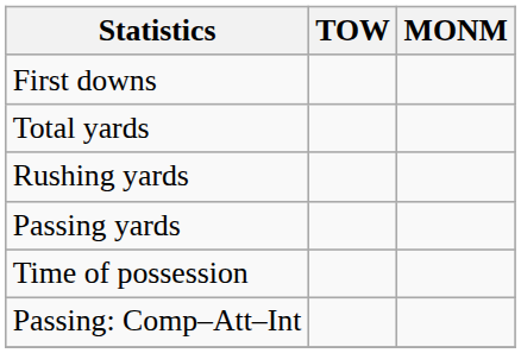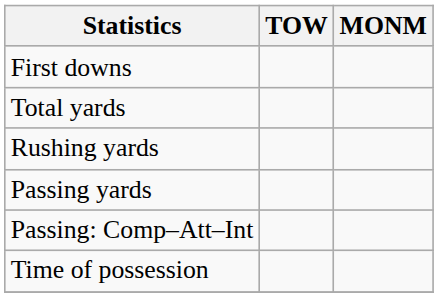 <table class="wikitable" style="float: left;">
 <tr>
 <th>Statistics</th>
 <th>TOW</th>
 <th>MONM</th>
 </tr>
 <tr>
 <td>First downs</td>
 <td></td>
 <td></td>
 </tr>
 <tr>
 <td>Total yards</td>
 <td></td>
 <td></td>
 </tr>
 <tr>
 <td>Rushing yards</td>
 <td></td>
 <td></td>
 </tr>
 <tr>
 <td>Passing yards</td>
 <td></td>
 <td></td>
 </tr>
 <tr>
-<td>Time of possession</td>
+<td>Passing: Comp–Att–Int</td>
 <td></td>
 <td></td>
 </tr>
 <tr>
-<td>Passing: Comp–Att–Int</td>
+<td>Time of possession</td>
 <td></td>
 <td></td>
 </tr>
 <tr>
 </tr>
 </table>
